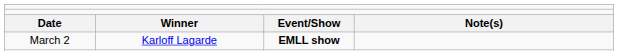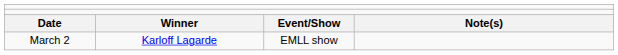 <table class="wikitable" style="text-align:center; width:100%;">
 <tr>
 <td colspan=5></td>
 </tr>
 <tr>
 <td colspan=5><strong></strong></td>
 </tr>
 <tr>
 <th width=14%>Date</th>
 <th width=26%>Winner</th>
 <th width=14%>Event/Show</th>
 <th width=40%>Note(s)</th>
 </tr>
 <tr>
 <td>March 2</td>
 <td><a href='#'>Karloff Lagarde</a></td>
-<td><strong>EMLL show</strong></td>
+<td>EMLL show</td>
 <td align=left></td>
 </tr>
 </table>
